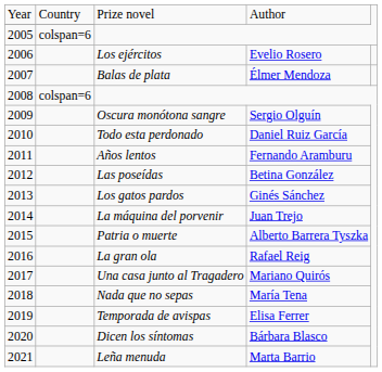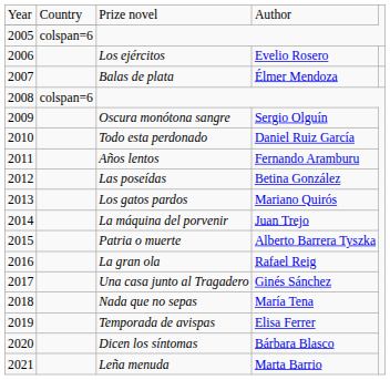 <table class="wikitable">
 <tr>
 <td>Year</td>
 <td>Country</td>
 <td>Prize novel</td>
 <td>Author</td>
 </tr>
 <tr>
 </tr>
 <tr>
 <td>2005</td>
 <td>colspan=6 </td>
 </tr>
 <tr>
 <td>2006</td>
 <td></td>
 <td><em>Los ejércitos</em></td>
 <td><a href='#'>Evelio Rosero</a></td>
 <td></td>
 </tr>
 <tr>
 <td>2007</td>
 <td></td>
 <td><em>Balas de plata</em></td>
 <td><a href='#'>Élmer Mendoza</a></td>
 <td></td>
 </tr>
 <tr>
 <td>2008</td>
 <td>colspan=6 </td>
 </tr>
 <tr>
 <td>2009</td>
 <td></td>
 <td><em>Oscura monótona sangre</em></td>
 <td><a href='#'>Sergio Olguín</a></td>
 </tr>
 <tr>
 <td>2010</td>
 <td></td>
 <td><em>Todo esta perdonado</em></td>
 <td><a href='#'>Daniel Ruiz García</a></td>
 </tr>
 <tr>
 <td>2011</td>
 <td></td>
 <td><em>Años lentos</em></td>
 <td><a href='#'>Fernando Aramburu</a></td>
 </tr>
 <tr>
 <td>2012</td>
 <td></td>
 <td><em>Las poseídas</em></td>
 <td><a href='#'>Betina González</a></td>
 </tr>
 <tr>
 <td>2013</td>
 <td></td>
 <td><em>Los gatos pardos</em></td>
-<td><a href='#'>Ginés Sánchez</a></td>
+<td><a href='#'>Mariano Quirós</a></td>
 </tr>
 <tr>
 <td>2014</td>
 <td></td>
 <td><em>La máquina del porvenir</em></td>
 <td><a href='#'>Juan Trejo</a></td>
 </tr>
 <tr>
 <td>2015</td>
 <td></td>
 <td><em>Patria o muerte</em></td>
 <td><a href='#'>Alberto Barrera Tyszka</a></td>
 </tr>
 <tr>
 <td>2016</td>
 <td></td>
 <td><em>La gran ola</em></td>
 <td><a href='#'>Rafael Reig</a></td>
 </tr>
 <tr>
 <td>2017</td>
 <td></td>
 <td><em>Una casa junto al Tragadero</em></td>
-<td><a href='#'>Mariano Quirós</a></td>
+<td><a href='#'>Ginés Sánchez</a></td>
 </tr>
 <tr>
 <td>2018</td>
 <td></td>
 <td><em>Nada que no sepas</em></td>
 <td><a href='#'>María Tena</a></td>
 </tr>
 <tr>
 <td>2019</td>
 <td></td>
 <td><em>Temporada de avispas</em></td>
 <td><a href='#'>Elisa Ferrer</a></td>
 </tr>
 <tr>
 <td>2020</td>
 <td></td>
 <td><em>Dicen los síntomas</em></td>
 <td><a href='#'>Bárbara Blasco</a></td>
 </tr>
 <tr>
 <td>2021</td>
 <td></td>
 <td><em>Leña menuda</em></td>
 <td><a href='#'>Marta Barrio</a></td>
 </tr>
 </table>
